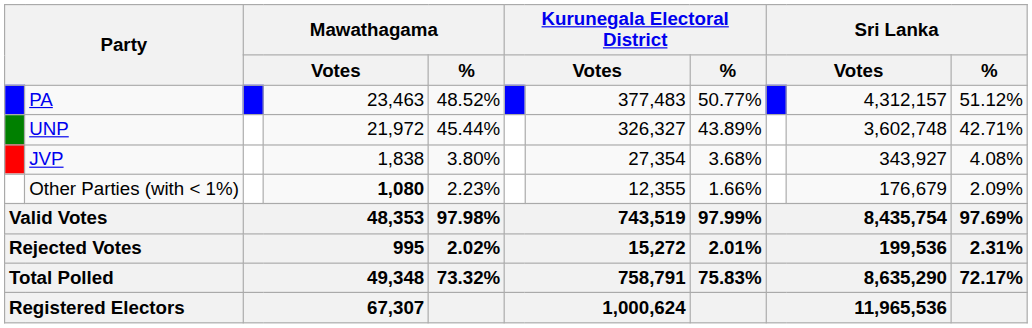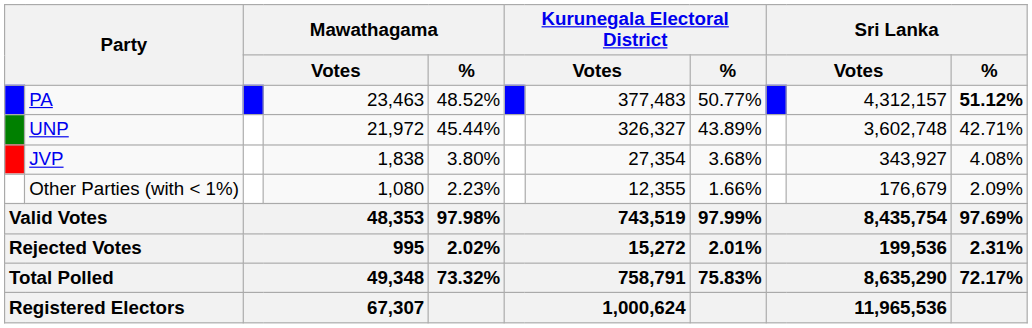 <table class="wikitable">
 <tr>
 <th colspan="2" width="144px"rowspan="2">Party</th>
 <th colspan="3" width="216px">Mawathagama</th>
 <th colspan="3" width="216px"><a href='#'>Kurunegala Electoral District</a></th>
 <th colspan="3" width="216px">Sri Lanka</th>
 </tr>
 <tr>
 <th colspan="2" width="144px">Votes</th>
 <th>%</th>
 <th colspan="2" width="144px">Votes</th>
 <th>%</th>
 <th colspan="2" width="144px">Votes</th>
 <th>%</th>
 </tr>
 <tr>
 <td style="background-color:blue;" width="10px"></td>
 <td style="text-align:left;"><a href='#'>PA</a></td>
 <td style="background-color:blue;" width="10px"></td>
 <td style="text-align:right;">23,463</td>
 <td style="text-align:right;">48.52%</td>
 <td style="background-color:blue;" width="10px"></td>
 <td style="text-align:right;">377,483</td>
 <td style="text-align:right;">50.77%</td>
 <td style="background-color:blue;" width="10px"></td>
 <td style="text-align:right;">4,312,157</td>
-<td style="text-align:right;">51.12%</td>
+<td style="text-align:right;"><strong>51.12%</strong></td>
 </tr>
 <tr>
 <td style="background-color:green;" width="10px"></td>
 <td style="text-align:left;"><a href='#'>UNP</a></td>
 <td style="background-color:white;" width="10px"></td>
 <td style="text-align:right;">21,972</td>
 <td style="text-align:right;">45.44%</td>
 <td style="background-color:white;" width="10px"></td>
 <td style="text-align:right;">326,327</td>
 <td style="text-align:right;">43.89%</td>
 <td style="background-color:white;" width="10px"></td>
 <td style="text-align:right;">3,602,748</td>
 <td style="text-align:right;">42.71%</td>
 </tr>
 <tr>
 <td style="background-color:red;" width="10px"></td>
 <td style="text-align:left;"><a href='#'>JVP</a></td>
 <td style="background-color:white;" width="10px"></td>
 <td style="text-align:right;">1,838</td>
 <td style="text-align:right;">3.80%</td>
 <td style="background-color:white;" width="10px"></td>
 <td style="text-align:right;">27,354</td>
 <td style="text-align:right;">3.68%</td>
 <td style="background-color:white;" width="10px"></td>
 <td style="text-align:right;">343,927</td>
 <td style="text-align:right;">4.08%</td>
 </tr>
 <tr>
 <td style="background-color:white;" width="10px"></td>
 <td style="text-align:left;">Other Parties (with < 1%)</td>
 <td style="background-color:white;" width="10px"></td>
-<td style="text-align:right;"><strong>1,080</strong></td>
+<td style="text-align:right;">1,080</td>
 <td style="text-align:right;">2.23%</td>
 <td style="background-color:white;" width="10px"></td>
 <td style="text-align:right;">12,355</td>
 <td style="text-align:right;">1.66%</td>
 <td style="background-color:white;" width="10px"></td>
 <td style="text-align:right;">176,679</td>
 <td style="text-align:right;">2.09%</td>
 </tr>
 <tr>
 <th colspan="2" width="144px"style="text-align:left;">Valid Votes</th>
 <th style="text-align:right;"colspan="2" width="144px">48,353</th>
 <th style="text-align:right;">97.98%</th>
 <th style="text-align:right;"colspan="2" width="144px">743,519</th>
 <th style="text-align:right;">97.99%</th>
 <th style="text-align:right;"colspan="2" width="144px">8,435,754</th>
 <th style="text-align:right;">97.69%</th>
 </tr>
 <tr>
 <th colspan="2" width="144px"style="text-align:left;">Rejected Votes</th>
 <th style="text-align:right;"colspan="2" width="144px">995</th>
 <th style="text-align:right;">2.02%</th>
 <th style="text-align:right;"colspan="2" width="144px">15,272</th>
 <th style="text-align:right;">2.01%</th>
 <th style="text-align:right;"colspan="2" width="144px">199,536</th>
 <th style="text-align:right;">2.31%</th>
 </tr>
 <tr>
 <th colspan="2" width="144px"style="text-align:left;">Total Polled</th>
 <th style="text-align:right;"colspan="2" width="144px">49,348</th>
 <th style="text-align:right;">73.32%</th>
 <th style="text-align:right;"colspan="2" width="144px">758,791</th>
 <th style="text-align:right;">75.83%</th>
 <th style="text-align:right;"colspan="2" width="144px">8,635,290</th>
 <th style="text-align:right;">72.17%</th>
 </tr>
 <tr>
 <th colspan="2" width="144px"style="text-align:left;">Registered Electors</th>
 <th style="text-align:right;"colspan="2" width="144px">67,307</th>
 <th></th>
 <th style="text-align:right;"colspan="2" width="144px">1,000,624</th>
 <th></th>
 <th style="text-align:right;"colspan="2" width="144px">11,965,536</th>
 <th></th>
 </tr>
 </table>
